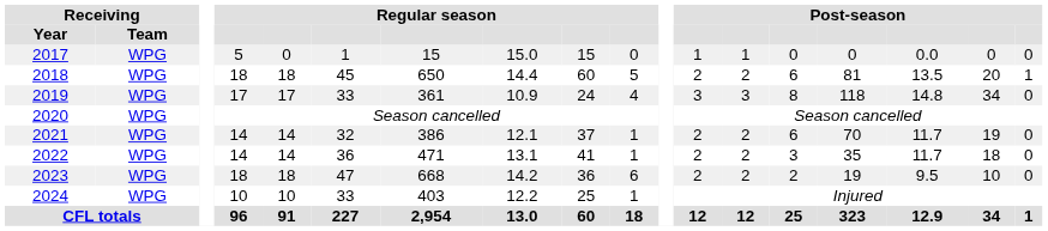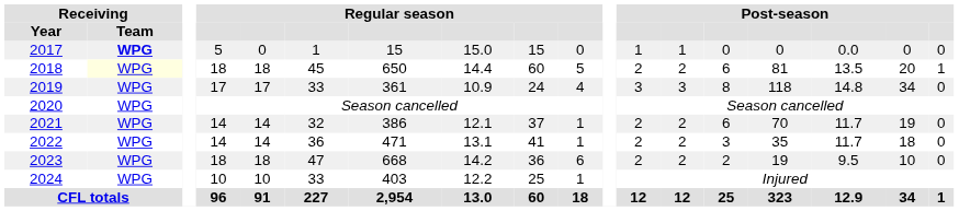 <table BORDER="0" CELLPADDING="1" CELLSPACING="0" width="65%" style="text-align:center">
 <tr bgcolor="#e0e0e0">
 <th colspan="2">Receiving</th>
 <th rowspan="99" bgcolor="#ffffff"> </th>
 <th colspan="7">Regular season</th>
 <th rowspan="99" bgcolor="#ffffff"> </th>
 <th colspan="7">Post-season </th>
 </tr>
 <tr bgcolor="#e0e0e0">
 <th>Year</th>
 <th>Team</th>
 <th></th>
 <th></th>
 <th></th>
 <th></th>
 <th></th>
 <th></th>
 <th></th>
 <th></th>
 <th></th>
 <th></th>
 <th></th>
 <th></th>
 <th></th>
 <th></th>
 </tr>
 <tr ALIGN="center" bgcolor="#f0f0f0">
 <td><a href='#'>2017</a></td>
-<td><a href='#'>WPG</a></td>
+<td><strong><a href='#'>WPG</a></strong></td>
 <td>5</td>
 <td>0</td>
 <td>1</td>
 <td>15</td>
 <td>15.0</td>
 <td>15</td>
 <td>0</td>
 <td>1</td>
 <td>1</td>
 <td>0</td>
 <td>0</td>
 <td>0.0</td>
 <td>0</td>
 <td>0</td>
 </tr>
 <tr>
 <td><a href='#'>2018</a></td>
-<td><a href='#'>WPG</a></td>
+<td style="background: lightyellow;"><a href='#'>WPG</a></td>
 <td>18</td>
 <td>18</td>
 <td>45</td>
 <td>650</td>
 <td>14.4</td>
 <td>60</td>
 <td>5</td>
 <td>2</td>
 <td>2</td>
 <td>6</td>
 <td>81</td>
 <td>13.5</td>
 <td>20</td>
 <td>1</td>
 </tr>
 <tr ALIGN="center" bgcolor="#f0f0f0">
 <td><a href='#'>2019</a></td>
 <td><a href='#'>WPG</a></td>
 <td>17</td>
 <td>17</td>
 <td>33</td>
 <td>361</td>
 <td>10.9</td>
 <td>24</td>
 <td>4</td>
 <td>3</td>
 <td>3</td>
 <td>8</td>
 <td>118</td>
 <td>14.8</td>
 <td>34</td>
 <td>0</td>
 </tr>
 <tr ALIGN="center">
 <td><a href='#'>2020</a></td>
 <td><a href='#'>WPG</a></td>
 <td colspan="7"><em>Season cancelled</em></td>
 <td colspan="7"><em>Season cancelled</em></td>
 </tr>
 <tr ALIGN="center" bgcolor="#f0f0f0">
 <td><a href='#'>2021</a></td>
 <td><a href='#'>WPG</a></td>
 <td>14</td>
 <td>14</td>
 <td>32</td>
 <td>386</td>
 <td>12.1</td>
 <td>37</td>
 <td>1</td>
 <td>2</td>
 <td>2</td>
 <td>6</td>
 <td>70</td>
 <td>11.7</td>
 <td>19</td>
 <td>0</td>
 </tr>
 <tr ALIGN="center">
 <td><a href='#'>2022</a></td>
 <td><a href='#'>WPG</a></td>
 <td>14</td>
 <td>14</td>
 <td>36</td>
 <td>471</td>
 <td>13.1</td>
 <td>41</td>
 <td>1</td>
 <td>2</td>
 <td>2</td>
 <td>3</td>
 <td>35</td>
 <td>11.7</td>
 <td>18</td>
 <td>0</td>
 </tr>
 <tr ALIGN="center" bgcolor="#f0f0f0">
 <td><a href='#'>2023</a></td>
 <td><a href='#'>WPG</a></td>
 <td>18</td>
 <td>18</td>
 <td>47</td>
 <td>668</td>
 <td>14.2</td>
 <td>36</td>
 <td>6</td>
 <td>2</td>
 <td>2</td>
 <td>2</td>
 <td>19</td>
 <td>9.5</td>
 <td>10</td>
 <td>0</td>
 </tr>
 <tr ALIGN="center">
 <td><a href='#'>2024</a></td>
 <td><a href='#'>WPG</a></td>
 <td>10</td>
 <td>10</td>
 <td>33</td>
 <td>403</td>
 <td>12.2</td>
 <td>25</td>
 <td>1</td>
 <td colspan="7"><em>Injured</em></td>
 </tr>
 <tr bgcolor="#e0e0e0">
 <th colspan="2"><a href='#'>CFL totals</a></th>
 <th>96</th>
 <th>91</th>
 <th>227</th>
 <th>2,954</th>
 <th>13.0</th>
 <th>60</th>
 <th>18</th>
 <th>12</th>
 <th>12</th>
 <th>25</th>
 <th>323</th>
 <th>12.9</th>
 <th>34</th>
 <th>1</th>
 </tr>
 </table>
